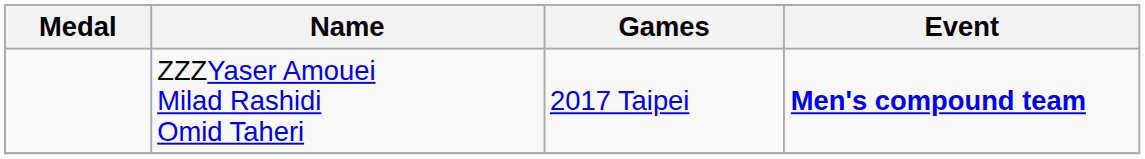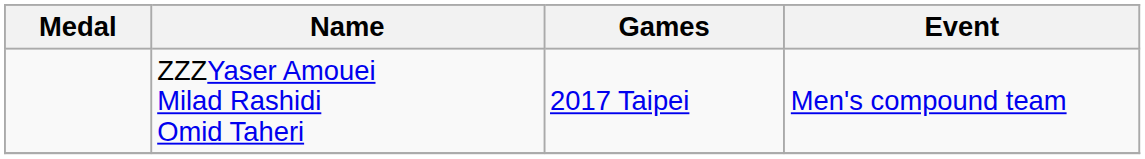 <table class="wikitable sortable" style="font-size:90%">
 <tr>
 <th width="70">Medal</th>
 <th width="200">Name</th>
 <th width="120">Games</th>
 <th width="180">Event</th>
 </tr>
 <tr>
 <td></td>
 <td><span>ZZZ</span><a href='#'>Yaser Amouei</a><br><a href='#'>Milad Rashidi</a><br><a href='#'>Omid Taheri</a></td>
 <td><a href='#'>2017 Taipei</a></td>
-<td><strong><a href='#'>Men's compound team</a></strong></td>
+<td><a href='#'>Men's compound team</a></td>
 </tr>
 <tr>
 </tr>
 </table>
